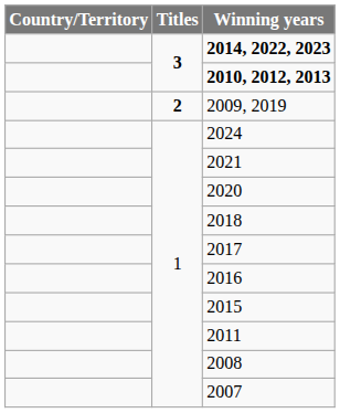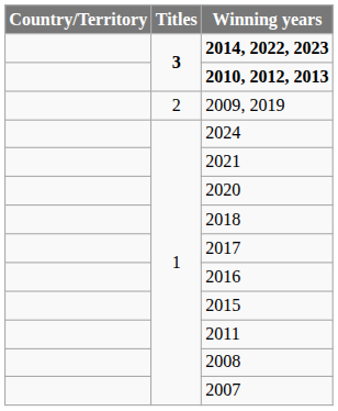 <table class="wikitable sortable" style="font-size: 92%;">
 <tr>
 <th style="background-color:#787878;color:#FFFFFF;">Country/Territory</th>
 <th style="background-color:#787878;color:#FFFFFF;">Titles</th>
 <th style="background-color:#787878;color:#FFFFFF;">Winning years</th>
 </tr>
 <tr>
 <td><strong></strong></td>
 <td rowspan="2" align="center"><strong>3</strong></td>
 <td><strong>2014, 2022, 2023</strong></td>
 </tr>
 <tr>
 <td><strong></strong></td>
 <td><strong>2010, 2012, 2013</strong></td>
 </tr>
 <tr>
 <td></td>
-<td align="center"><strong>2</strong></td>
+<td align="center">2</td>
 <td>2009, 2019</td>
 </tr>
 <tr>
 <td></td>
 <td rowspan="10" align="center">1</td>
 <td>2024</td>
 </tr>
 <tr>
 <td></td>
 <td>2021</td>
 </tr>
 <tr>
 <td></td>
 <td>2020</td>
 </tr>
 <tr>
 <td></td>
 <td>2018</td>
 </tr>
 <tr>
 <td></td>
 <td>2017</td>
 </tr>
 <tr>
 <td></td>
 <td>2016</td>
 </tr>
 <tr>
 <td></td>
 <td>2015</td>
 </tr>
 <tr>
 <td></td>
 <td>2011</td>
 </tr>
 <tr>
 <td></td>
 <td>2008</td>
 </tr>
 <tr>
 <td></td>
 <td>2007</td>
 </tr>
 </table>
